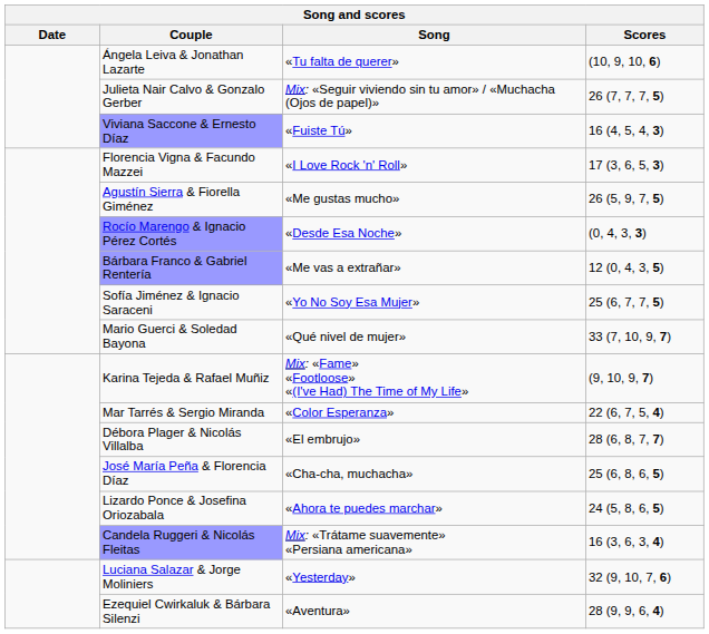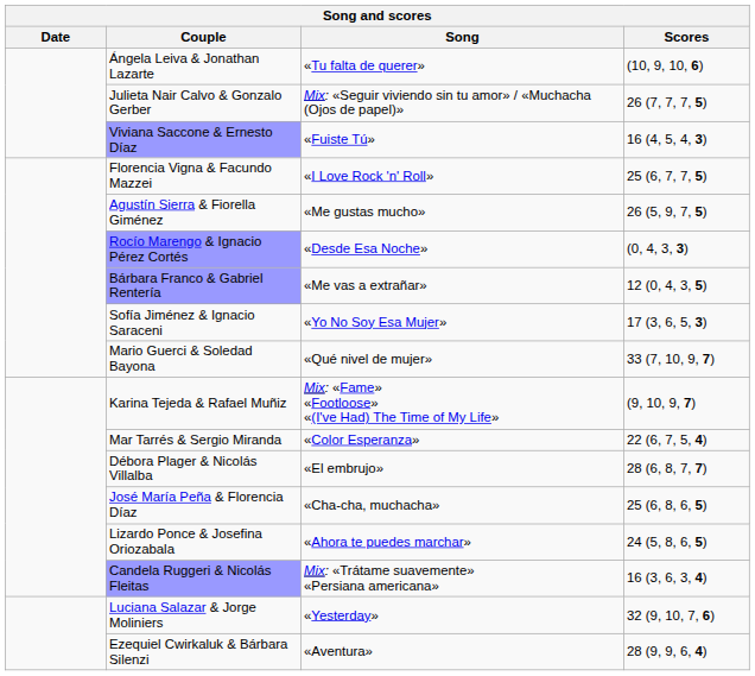 <table class="wikitable collapsible collapsed" style="text-align: align; width: 100%;">
 <tr>
 <th colspan="11" style="with: 100%;" align="center">Song and scores</th>
 </tr>
 <tr>
 <th width=95>Date</th>
 <th width=190>Couple</th>
 <th width=320>Song</th>
 <th width=120>Scores</th>
 </tr>
 <tr>
 <td rowspan="3"></td>
 <td>Ángela Leiva & Jonathan Lazarte</td>
 <td>«<a href='#'>Tu falta de querer</a>» </td>
 <td> (10, 9, 10, <strong>6</strong>)</td>
 </tr>
 <tr>
 <td>Julieta Nair Calvo & Gonzalo Gerber</td>
 <td><em><u><a href='#'>Mix</a></u>:</em> «Seguir viviendo sin tu amor» / «Muchacha (Ojos de papel)» </td>
 <td>26 (7, 7, 7, <strong>5</strong>)</td>
 </tr>
 <tr>
 <td bgcolor="#9999FF">Viviana Saccone & Ernesto Díaz</td>
 <td>«<a href='#'>Fuiste Tú</a>» </td>
 <td>16 (4, 5, 4, <strong>3</strong>)</td>
 </tr>
 <tr>
 <td rowspan="6"></td>
 <td>Florencia Vigna & Facundo Mazzei</td>
 <td>«<a href='#'>I Love Rock 'n' Roll</a>» </td>
-<td>17 (3, 6, 5, <strong>3</strong>)</td>
+<td>25 (6, 7, 7, <strong>5</strong>)</td>
 </tr>
 <tr>
 <td><a href='#'>Agustín Sierra</a> & Fiorella Giménez</td>
 <td>«Me gustas mucho» </td>
 <td>26 (5, 9, 7, <strong>5</strong>)</td>
 </tr>
 <tr>
 <td bgcolor="#9999FF"><a href='#'>Rocío Marengo</a> & Ignacio Pérez Cortés</td>
 <td>«<a href='#'>Desde Esa Noche</a>» </td>
 <td> (0, 4, 3, <strong>3</strong>)</td>
 </tr>
 <tr>
 <td bgcolor="#9999FF">Bárbara Franco & Gabriel Rentería</td>
 <td>«Me vas a extrañar» </td>
 <td>12 (0, 4, 3, <strong>5</strong>)</td>
 </tr>
 <tr>
 <td>Sofía Jiménez & Ignacio Saraceni</td>
 <td>«<a href='#'>Yo No Soy Esa Mujer</a>» </td>
-<td>25 (6, 7, 7, <strong>5</strong>)</td>
+<td>17 (3, 6, 5, <strong>3</strong>)</td>
 </tr>
 <tr>
 <td>Mario Guerci & Soledad Bayona</td>
 <td>«Qué nivel de mujer» </td>
 <td>33 (7, 10, 9, <strong>7</strong>)</td>
 </tr>
 <tr>
 <td rowspan="6"></td>
 <td>Karina Tejeda & Rafael Muñiz</td>
 <td><em><u><a href='#'>Mix</a></u>:</em> «<a href='#'>Fame</a>» <br>«<a href='#'>Footloose</a>» <br>«<a href='#'>(I've Had) The Time of My Life</a>» </td>
 <td> (9, 10, 9, <strong>7</strong>)</td>
 </tr>
 <tr>
 <td>Mar Tarrés & Sergio Miranda</td>
 <td>«<a href='#'>Color Esperanza</a>» </td>
 <td>22 (6, 7, 5, <strong>4</strong>)</td>
 </tr>
 <tr>
 <td>Débora Plager & Nicolás Villalba</td>
 <td>«El embrujo» </td>
 <td>28 (6, 8, 7, <strong>7</strong>)</td>
 </tr>
 <tr>
 <td><a href='#'>José María Peña</a> & Florencia Díaz</td>
 <td>«Cha-cha, muchacha» </td>
 <td>25 (6, 8, 6, <strong>5</strong>)</td>
 </tr>
 <tr>
 <td>Lizardo Ponce & Josefina Oriozabala</td>
 <td>«<a href='#'>Ahora te puedes marchar</a>» </td>
 <td>24 (5, 8, 6, <strong>5</strong>)</td>
 </tr>
 <tr>
 <td bgcolor="#9999FF">Candela Ruggeri & Nicolás Fleitas</td>
 <td><em><u><a href='#'>Mix</a></u>:</em> «Trátame suavemente» <br>«Persiana americana» </td>
 <td>16 (3, 6, 3, <strong>4</strong>)</td>
 </tr>
 <tr>
 <td rowspan="2"></td>
 <td><a href='#'>Luciana Salazar</a> & Jorge Moliniers</td>
 <td>«<a href='#'>Yesterday</a>» </td>
 <td>32 (9, 10, 7, <strong>6</strong>)</td>
 </tr>
 <tr>
 <td>Ezequiel Cwirkaluk & Bárbara Silenzi</td>
 <td>«Aventura» </td>
 <td>28 (9, 9, 6, <strong>4</strong>)</td>
 </tr>
 </table>
